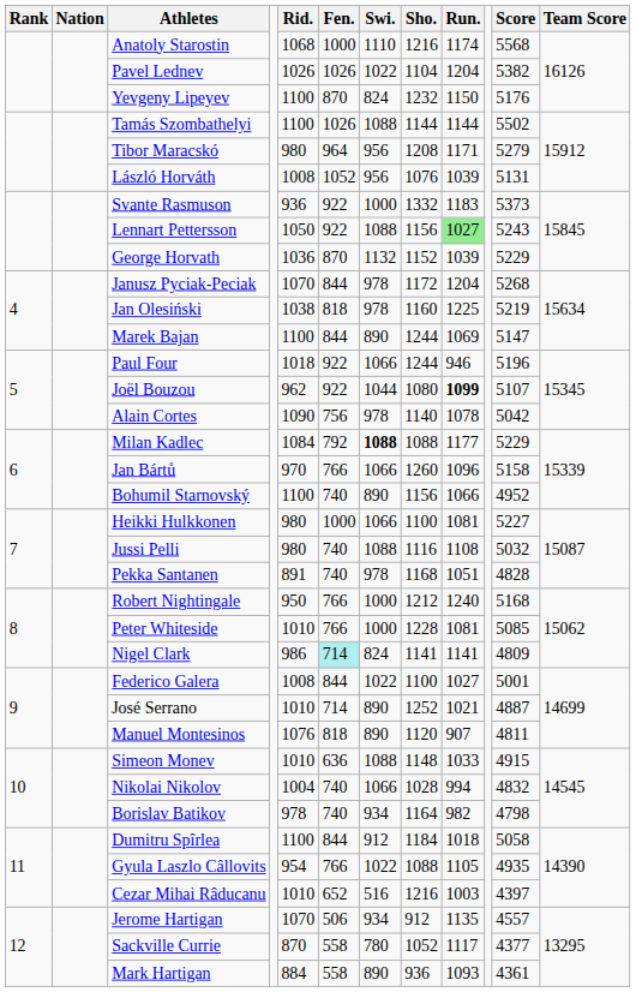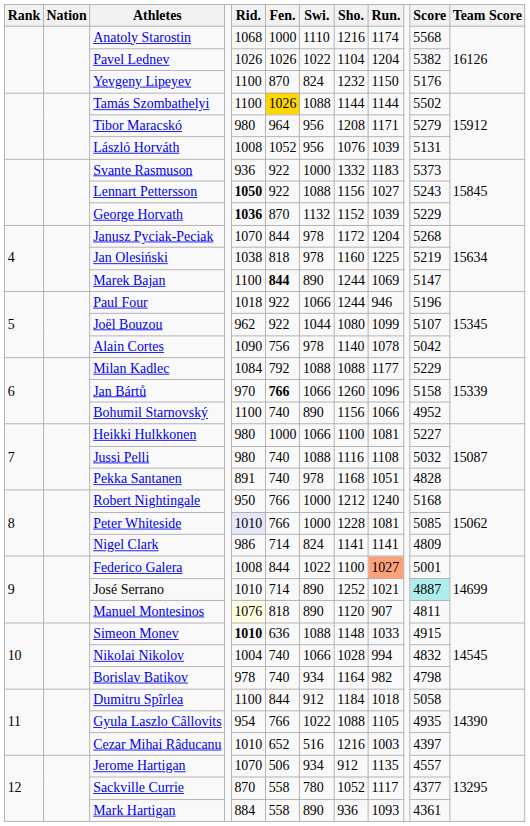 <table class="wikitable sortable">
 <tr>
 <th>Rank</th>
 <th>Nation</th>
 <th>Athletes</th>
 <td rowspan="45"></td>
 <th>Rid.</th>
 <th>Fen.</th>
 <th>Swi.</th>
 <th>Sho.</th>
 <th>Run.</th>
 <td rowspan="45"></td>
 <th>Score</th>
 <th>Team Score</th>
 </tr>
 <tr>
 <td rowspan="3"></td>
 <td rowspan="3"></td>
 <td><a href='#'>Anatoly Starostin</a></td>
 <td>1068</td>
 <td>1000</td>
 <td>1110</td>
 <td>1216</td>
 <td>1174</td>
 <td>5568</td>
 <td rowspan="3">16126</td>
 </tr>
 <tr>
 <td><a href='#'>Pavel Lednev</a></td>
 <td>1026</td>
 <td>1026</td>
 <td>1022</td>
 <td>1104</td>
 <td>1204</td>
 <td>5382</td>
 </tr>
 <tr>
 <td><a href='#'>Yevgeny Lipeyev</a></td>
 <td>1100</td>
 <td>870</td>
 <td>824</td>
 <td>1232</td>
 <td>1150</td>
 <td>5176</td>
 </tr>
 <tr>
 <td rowspan="3"></td>
 <td rowspan="3"></td>
 <td><a href='#'>Tamás Szombathelyi</a></td>
 <td>1100</td>
-<td>1026</td>
+<td style="background: gold;">1026</td>
 <td>1088</td>
 <td>1144</td>
 <td>1144</td>
 <td>5502</td>
 <td rowspan="3">15912</td>
 </tr>
 <tr>
 <td><a href='#'>Tibor Maracskó</a></td>
 <td>980</td>
 <td>964</td>
 <td>956</td>
 <td>1208</td>
 <td>1171</td>
 <td>5279</td>
 </tr>
 <tr>
 <td><a href='#'>László Horváth</a></td>
 <td>1008</td>
 <td>1052</td>
 <td>956</td>
 <td>1076</td>
 <td>1039</td>
 <td>5131</td>
 </tr>
 <tr>
 <td rowspan="3"></td>
 <td rowspan="3"></td>
 <td><a href='#'>Svante Rasmuson</a></td>
 <td>936</td>
 <td>922</td>
 <td>1000</td>
 <td>1332</td>
 <td>1183</td>
 <td>5373</td>
 <td rowspan="3">15845</td>
 </tr>
 <tr>
 <td><a href='#'>Lennart Pettersson</a></td>
-<td>1050</td>
+<td><strong>1050</strong></td>
 <td>922</td>
 <td>1088</td>
 <td>1156</td>
-<td style="background: lightgreen;">1027</td>
+<td>1027</td>
 <td>5243</td>
 </tr>
 <tr>
 <td><a href='#'>George Horvath</a></td>
-<td>1036</td>
+<td><strong>1036</strong></td>
 <td>870</td>
 <td>1132</td>
 <td>1152</td>
 <td>1039</td>
 <td>5229</td>
 </tr>
 <tr>
 <td rowspan="3">4</td>
 <td rowspan="3"></td>
 <td><a href='#'>Janusz Pyciak-Peciak</a></td>
 <td>1070</td>
 <td>844</td>
 <td>978</td>
 <td>1172</td>
 <td>1204</td>
 <td>5268</td>
 <td rowspan="3">15634</td>
 </tr>
 <tr>
 <td><a href='#'>Jan Olesiński</a></td>
 <td>1038</td>
 <td>818</td>
 <td>978</td>
 <td>1160</td>
 <td>1225</td>
 <td>5219</td>
 </tr>
 <tr>
 <td><a href='#'>Marek Bajan</a></td>
 <td>1100</td>
-<td>844</td>
+<td><strong>844</strong></td>
 <td>890</td>
 <td>1244</td>
 <td>1069</td>
 <td>5147</td>
 </tr>
 <tr>
 <td rowspan="3">5</td>
 <td rowspan="3"></td>
 <td><a href='#'>Paul Four</a></td>
 <td>1018</td>
 <td>922</td>
 <td>1066</td>
 <td>1244</td>
 <td>946</td>
 <td>5196</td>
 <td rowspan="3">15345</td>
 </tr>
 <tr>
 <td><a href='#'>Joël Bouzou</a></td>
 <td>962</td>
 <td>922</td>
 <td>1044</td>
 <td>1080</td>
-<td><strong>1099</strong></td>
+<td>1099</td>
 <td>5107</td>
 </tr>
 <tr>
 <td><a href='#'>Alain Cortes</a></td>
 <td>1090</td>
 <td>756</td>
 <td>978</td>
 <td>1140</td>
 <td>1078</td>
 <td>5042</td>
 </tr>
 <tr>
 <td rowspan="3">6</td>
 <td rowspan="3"></td>
 <td><a href='#'>Milan Kadlec</a></td>
 <td>1084</td>
 <td>792</td>
-<td><strong>1088</strong></td>
+<td>1088</td>
 <td>1088</td>
 <td>1177</td>
 <td>5229</td>
 <td rowspan="3">15339</td>
 </tr>
 <tr>
 <td><a href='#'>Jan Bártů</a></td>
 <td>970</td>
-<td>766</td>
+<td><strong>766</strong></td>
 <td>1066</td>
 <td>1260</td>
 <td>1096</td>
 <td>5158</td>
 </tr>
 <tr>
 <td><a href='#'>Bohumil Starnovský</a></td>
 <td>1100</td>
 <td>740</td>
 <td>890</td>
 <td>1156</td>
 <td>1066</td>
 <td>4952</td>
 </tr>
 <tr>
 <td rowspan="3">7</td>
 <td rowspan="3"></td>
 <td><a href='#'>Heikki Hulkkonen</a></td>
 <td>980</td>
 <td>1000</td>
 <td>1066</td>
 <td>1100</td>
 <td>1081</td>
 <td>5227</td>
 <td rowspan="3">15087</td>
 </tr>
 <tr>
 <td><a href='#'>Jussi Pelli</a></td>
 <td>980</td>
 <td>740</td>
 <td>1088</td>
 <td>1116</td>
 <td>1108</td>
 <td>5032</td>
 </tr>
 <tr>
 <td><a href='#'>Pekka Santanen</a></td>
 <td>891</td>
 <td>740</td>
 <td>978</td>
 <td>1168</td>
 <td>1051</td>
 <td>4828</td>
 </tr>
 <tr>
 <td rowspan="3">8</td>
 <td rowspan="3"></td>
 <td><a href='#'>Robert Nightingale</a></td>
 <td>950</td>
 <td>766</td>
 <td>1000</td>
 <td>1212</td>
 <td>1240</td>
 <td>5168</td>
 <td rowspan="3">15062</td>
 </tr>
 <tr>
 <td><a href='#'>Peter Whiteside</a></td>
-<td>1010</td>
+<td style="background: lavender;">1010</td>
 <td>766</td>
 <td>1000</td>
 <td>1228</td>
 <td>1081</td>
 <td>5085</td>
 </tr>
 <tr>
 <td><a href='#'>Nigel Clark</a></td>
 <td>986</td>
-<td style="background: paleturquoise;">714</td>
+<td>714</td>
 <td>824</td>
 <td>1141</td>
 <td>1141</td>
 <td>4809</td>
 </tr>
 <tr>
 <td rowspan="3">9</td>
 <td rowspan="3"></td>
 <td><a href='#'>Federico Galera</a></td>
 <td>1008</td>
 <td>844</td>
 <td>1022</td>
 <td>1100</td>
-<td>1027</td>
+<td style="background: lightsalmon;">1027</td>
 <td>5001</td>
 <td rowspan="3">14699</td>
 </tr>
 <tr>
 <td>José Serrano</td>
 <td>1010</td>
 <td>714</td>
 <td>890</td>
 <td>1252</td>
 <td>1021</td>
-<td>4887</td>
+<td style="background: paleturquoise;">4887</td>
 </tr>
 <tr>
 <td><a href='#'>Manuel Montesinos</a></td>
-<td>1076</td>
+<td style="background: lightyellow;">1076</td>
 <td>818</td>
 <td>890</td>
 <td>1120</td>
 <td>907</td>
 <td>4811</td>
 </tr>
 <tr>
 <td rowspan="3">10</td>
 <td rowspan="3"></td>
 <td><a href='#'>Simeon Monev</a></td>
-<td>1010</td>
+<td><strong>1010</strong></td>
 <td>636</td>
 <td>1088</td>
 <td>1148</td>
 <td>1033</td>
 <td>4915</td>
 <td rowspan="3">14545</td>
 </tr>
 <tr>
 <td><a href='#'>Nikolai Nikolov</a></td>
 <td>1004</td>
 <td>740</td>
 <td>1066</td>
 <td>1028</td>
 <td>994</td>
 <td>4832</td>
 </tr>
 <tr>
 <td><a href='#'>Borislav Batikov</a></td>
 <td>978</td>
 <td>740</td>
 <td>934</td>
 <td>1164</td>
 <td>982</td>
 <td>4798</td>
 </tr>
 <tr>
 <td rowspan="3">11</td>
 <td rowspan="3"></td>
 <td><a href='#'>Dumitru Spîrlea</a></td>
 <td>1100</td>
 <td>844</td>
 <td>912</td>
 <td>1184</td>
 <td>1018</td>
 <td>5058</td>
 <td rowspan="3">14390</td>
 </tr>
 <tr>
 <td><a href='#'>Gyula Laszlo Câllovits</a></td>
 <td>954</td>
 <td>766</td>
 <td>1022</td>
 <td>1088</td>
 <td>1105</td>
 <td>4935</td>
 </tr>
 <tr>
 <td><a href='#'>Cezar Mihai Râducanu</a></td>
 <td>1010</td>
 <td>652</td>
 <td>516</td>
 <td>1216</td>
 <td>1003</td>
 <td>4397</td>
 </tr>
 <tr>
 <td rowspan="3">12</td>
 <td rowspan="3"></td>
 <td><a href='#'>Jerome Hartigan</a></td>
 <td>1070</td>
 <td>506</td>
 <td>934</td>
 <td>912</td>
 <td>1135</td>
 <td>4557</td>
 <td rowspan="3">13295</td>
 </tr>
 <tr>
 <td><a href='#'>Sackville Currie</a></td>
 <td>870</td>
 <td>558</td>
 <td>780</td>
 <td>1052</td>
 <td>1117</td>
 <td>4377</td>
 </tr>
 <tr>
 <td><a href='#'>Mark Hartigan</a></td>
 <td>884</td>
 <td>558</td>
 <td>890</td>
 <td>936</td>
 <td>1093</td>
 <td>4361</td>
 </tr>
 </table>
